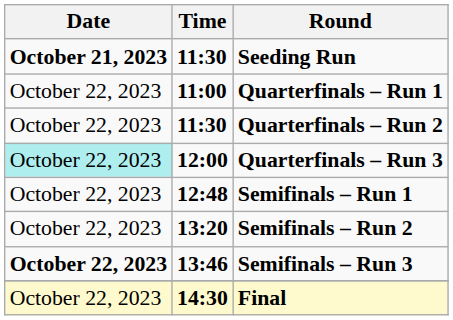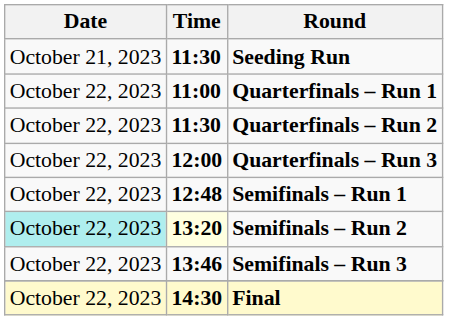 <table class="wikitable">
 <tr>
 <th>Date</th>
 <th>Time</th>
 <th>Round</th>
 </tr>
 <tr>
-<td><strong>October 21, 2023</strong></td>
+<td>October 21, 2023</td>
 <td><strong>11:30</strong></td>
 <td><strong>Seeding Run</strong></td>
 </tr>
 <tr>
 <td>October 22, 2023</td>
 <td><strong>11:00</strong></td>
 <td><strong>Quarterfinals – Run 1</strong></td>
 </tr>
 <tr>
 <td>October 22, 2023</td>
 <td><strong>11:30</strong></td>
 <td><strong>Quarterfinals – Run 2</strong></td>
 </tr>
 <tr>
-<td style="background: paleturquoise;">October 22, 2023</td>
+<td>October 22, 2023</td>
 <td><strong>12:00</strong></td>
 <td><strong>Quarterfinals – Run 3</strong></td>
 </tr>
 <tr>
 <td>October 22, 2023</td>
 <td><strong>12:48</strong></td>
 <td><strong>Semifinals – Run 1</strong></td>
 </tr>
 <tr>
-<td>October 22, 2023</td>
-<td><strong>13:20</strong></td>
+<td style="background: paleturquoise;">October 22, 2023</td>
+<td style="background: lightyellow;"><strong>13:20</strong></td>
 <td><strong>Semifinals – Run 2</strong></td>
 </tr>
 <tr>
-<td><strong>October 22, 2023</strong></td>
+<td>October 22, 2023</td>
 <td><strong>13:46</strong></td>
 <td><strong>Semifinals – Run 3</strong></td>
 </tr>
 <tr>
 </tr>
 <tr style=background:lemonchiffon>
 <td>October 22, 2023</td>
 <td><strong>14:30</strong></td>
 <td><strong>Final</strong></td>
 </tr>
 </table>
